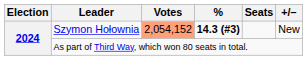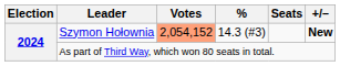 <table class=wikitable>
 <tr>
 <th>Election</th>
 <th>Leader</th>
 <th>Votes</th>
 <th>%</th>
 <th>Seats</th>
 <th>+/–</th>
 </tr>
 <tr>
 <th rowspan="2"><a href='#'>2024</a></th>
 <td><a href='#'>Szymon Hołownia</a></td>
 <td style="background: lightsalmon;">2,054,152</td>
-<td><strong>14.3 (#3)</strong></td>
+<td>14.3 (#3)</td>
 <td></td>
-<td>New</td>
+<td><strong>New</strong></td>
 </tr>
 <tr>
 <td colspan="5"><small>As part of <a href='#'>Third Way</a>, which won 80 seats in total.</small></td>
 </tr>
 </table>
